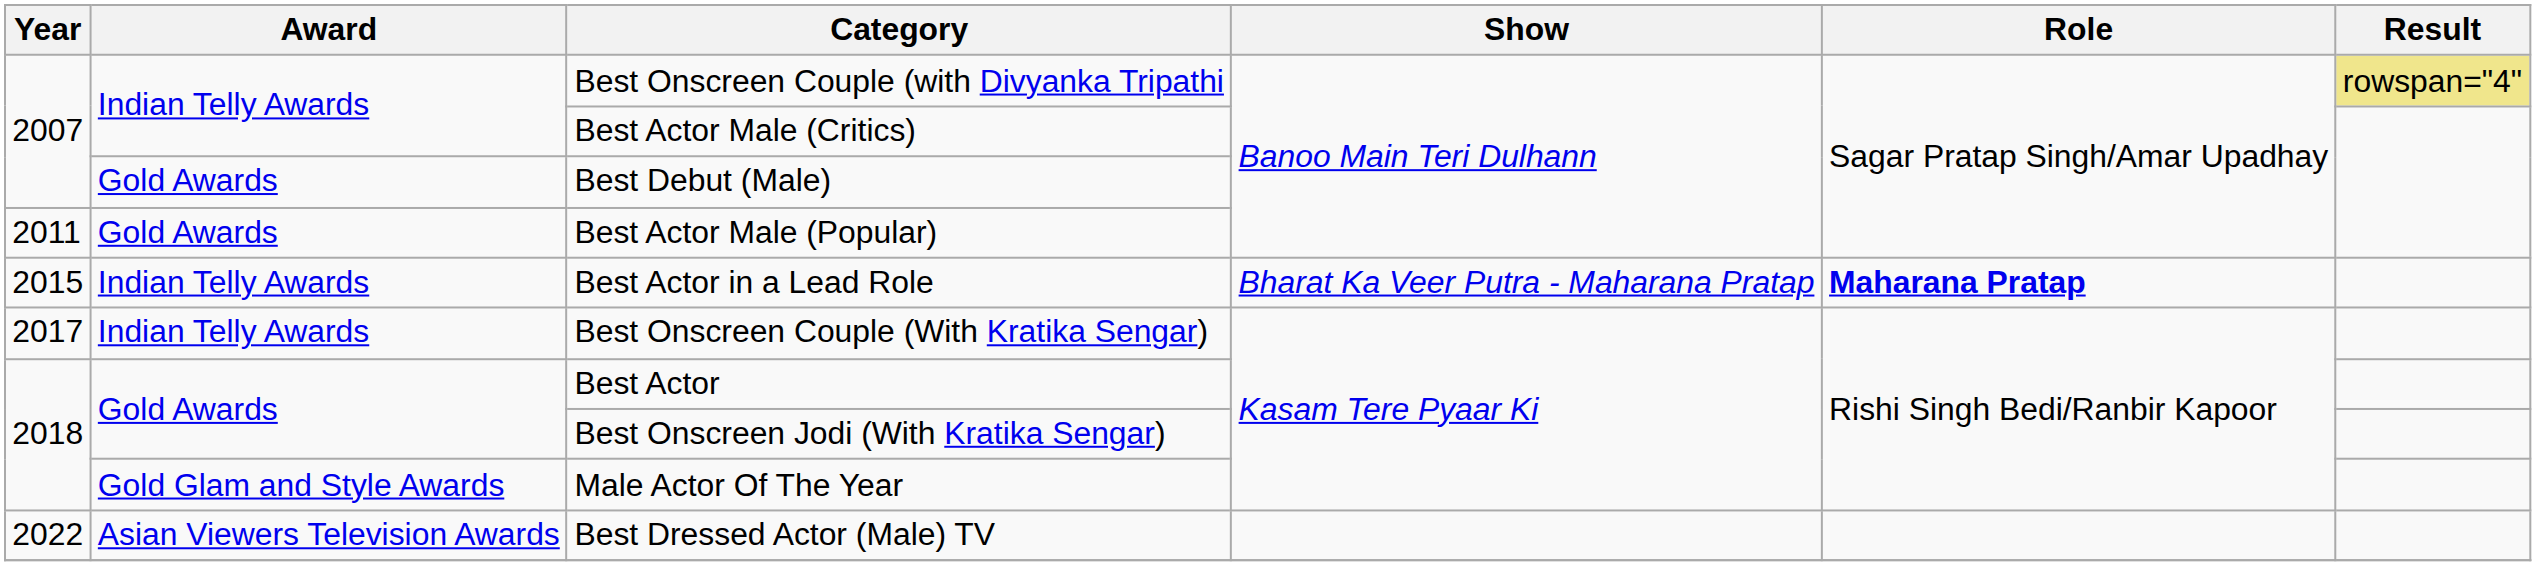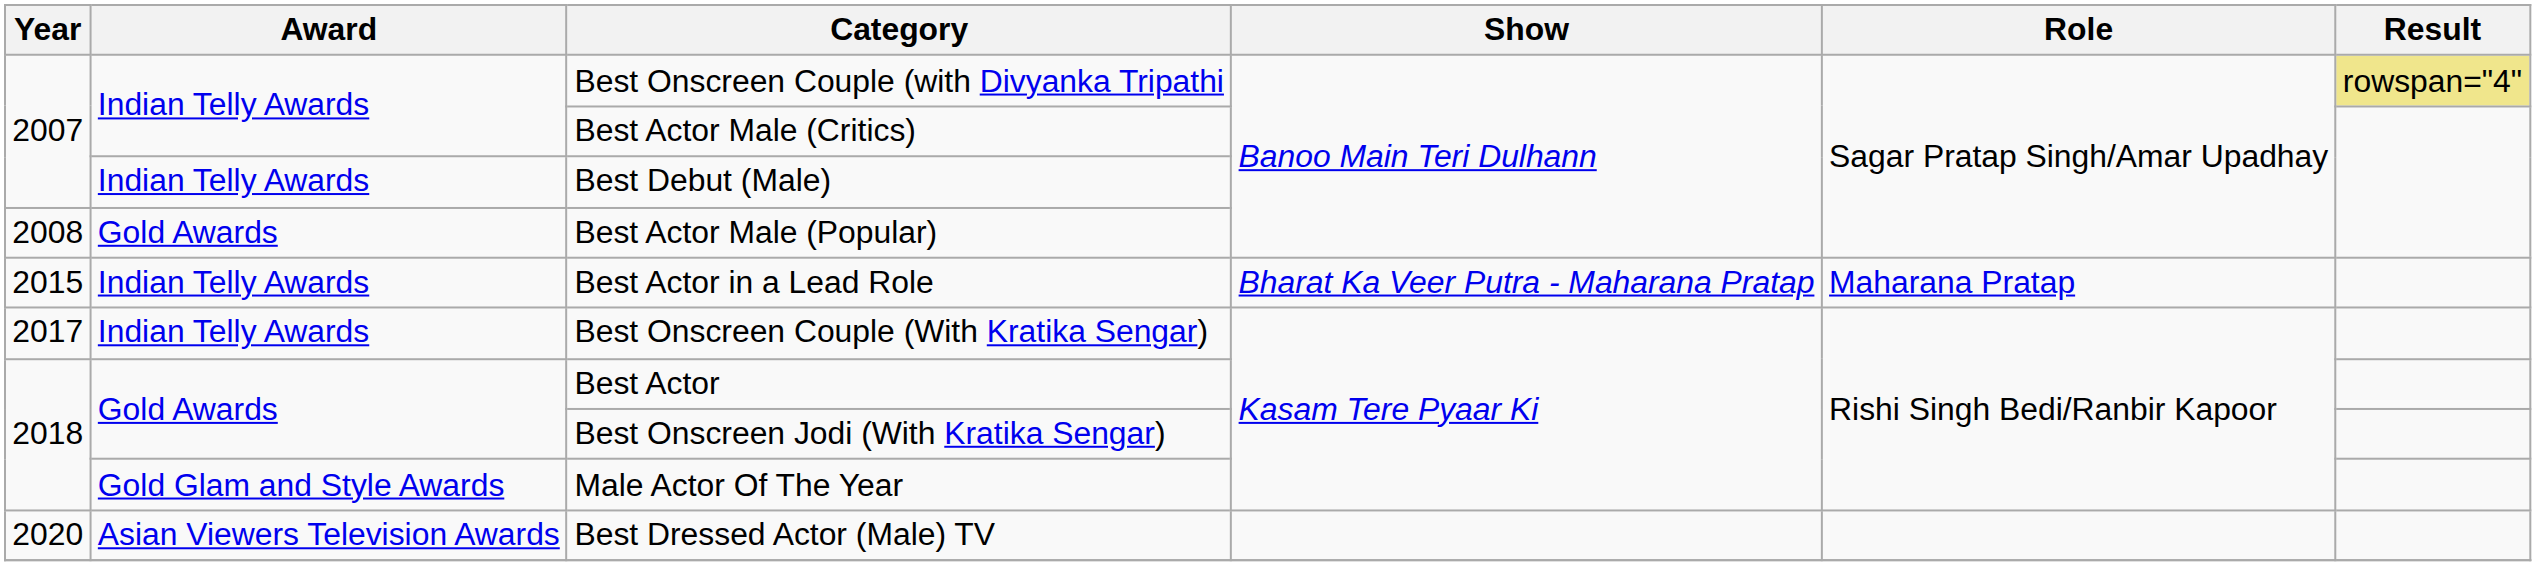 <table class="wikitable">
 <tr>
 <th>Year</th>
 <th>Award</th>
 <th>Category</th>
 <th>Show</th>
 <th>Role</th>
 <th>Result</th>
 </tr>
 <tr>
 <td rowspan="3">2007</td>
 <td rowspan="2"><a href='#'>Indian Telly Awards</a></td>
 <td>Best Onscreen Couple (with <a href='#'>Divyanka Tripathi</a></td>
 <td rowspan="4"><em><a href='#'>Banoo Main Teri Dulhann</a></em></td>
 <td rowspan="4">Sagar Pratap Singh/Amar Upadhay</td>
 <td style="background: khaki;">rowspan="4" </td>
 </tr>
 <tr>
 <td>Best Actor Male (Critics)</td>
 </tr>
 <tr>
-<td><a href='#'>Gold Awards</a></td>
+<td><a href='#'>Indian Telly Awards</a></td>
 <td>Best Debut (Male)</td>
 </tr>
 <tr>
-<td>2011</td>
+<td>2008</td>
 <td><a href='#'>Gold Awards</a></td>
 <td>Best Actor Male (Popular)</td>
 </tr>
 <tr>
 <td>2015</td>
 <td><a href='#'>Indian Telly Awards</a></td>
 <td>Best Actor in a Lead Role</td>
 <td><em><a href='#'>Bharat Ka Veer Putra - Maharana Pratap</a></em></td>
-<td><strong><a href='#'>Maharana Pratap</a></strong></td>
+<td><a href='#'>Maharana Pratap</a></td>
 <td></td>
 </tr>
 <tr>
 <td>2017</td>
 <td><a href='#'>Indian Telly Awards</a></td>
 <td>Best Onscreen Couple (With <a href='#'>Kratika Sengar</a>)</td>
 <td rowspan="4"><em><a href='#'>Kasam Tere Pyaar Ki</a></em></td>
 <td rowspan="4">Rishi Singh Bedi/Ranbir Kapoor</td>
 <td> </td>
 </tr>
 <tr>
 <td rowspan="3">2018</td>
 <td rowspan="2"><a href='#'>Gold Awards</a></td>
 <td>Best Actor</td>
 <td></td>
 </tr>
 <tr>
 <td>Best Onscreen Jodi (With <a href='#'>Kratika Sengar</a>)</td>
 <td></td>
 </tr>
 <tr>
 <td><a href='#'>Gold Glam and Style Awards</a></td>
 <td>Male Actor Of The Year</td>
 <td></td>
 </tr>
 <tr>
-<td>2022</td>
+<td>2020</td>
 <td><a href='#'>Asian Viewers Television Awards</a></td>
 <td>Best Dressed Actor (Male) TV</td>
 <td></td>
 <td></td>
 <td></td>
 </tr>
 <tr>
 </tr>
 </table>
